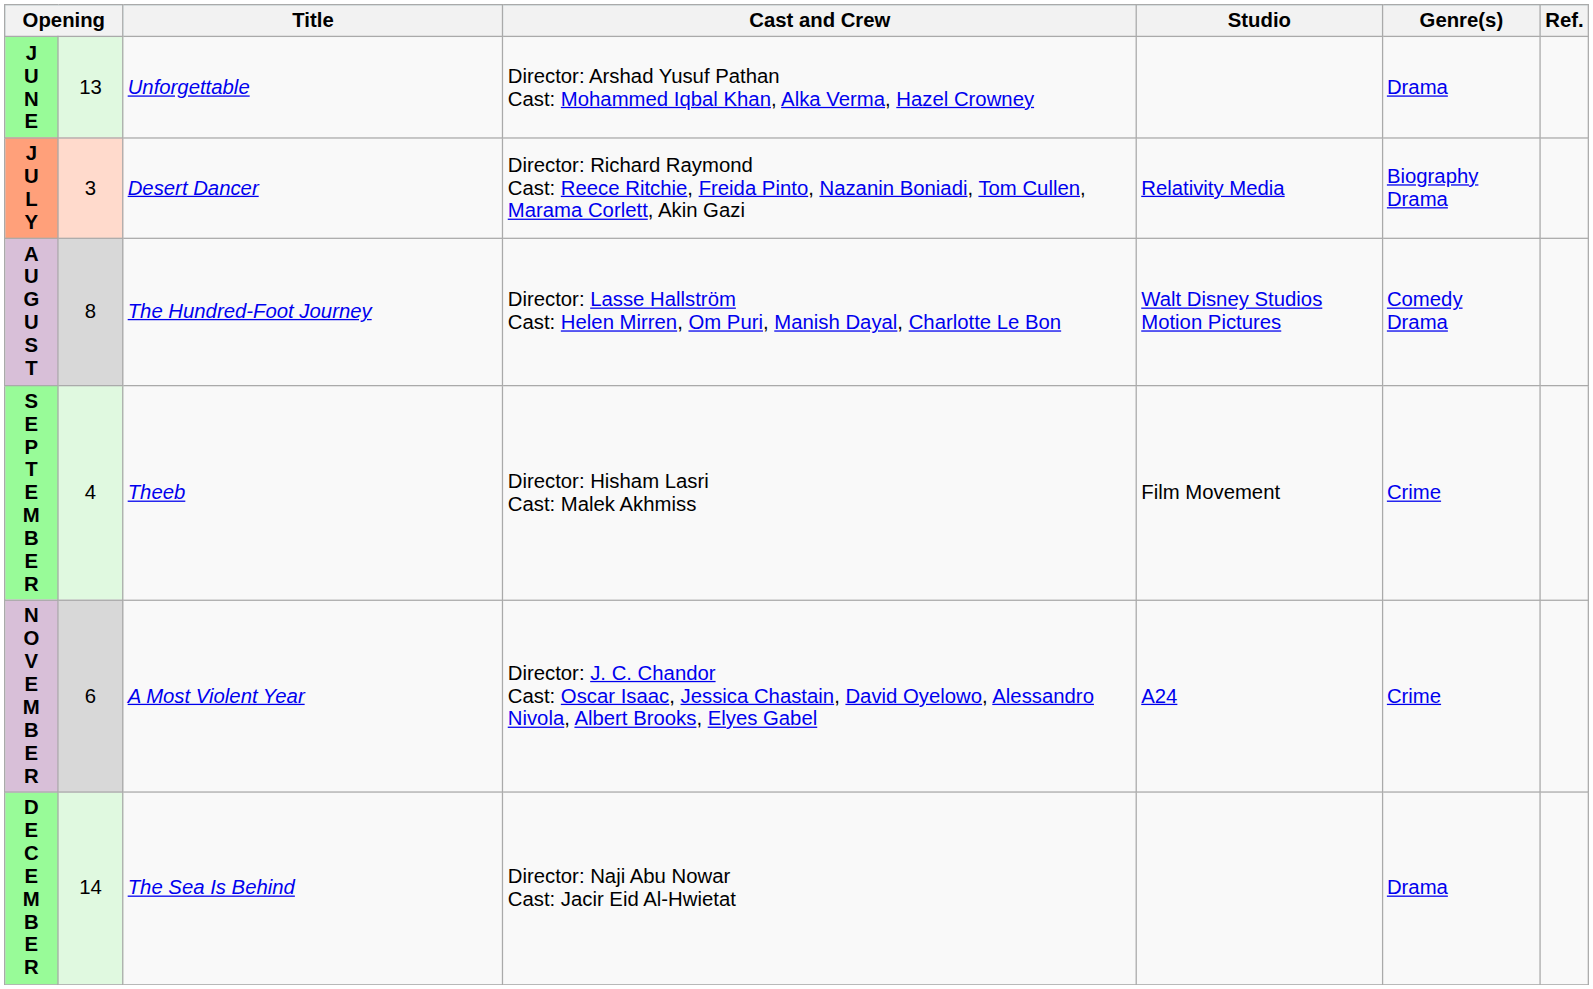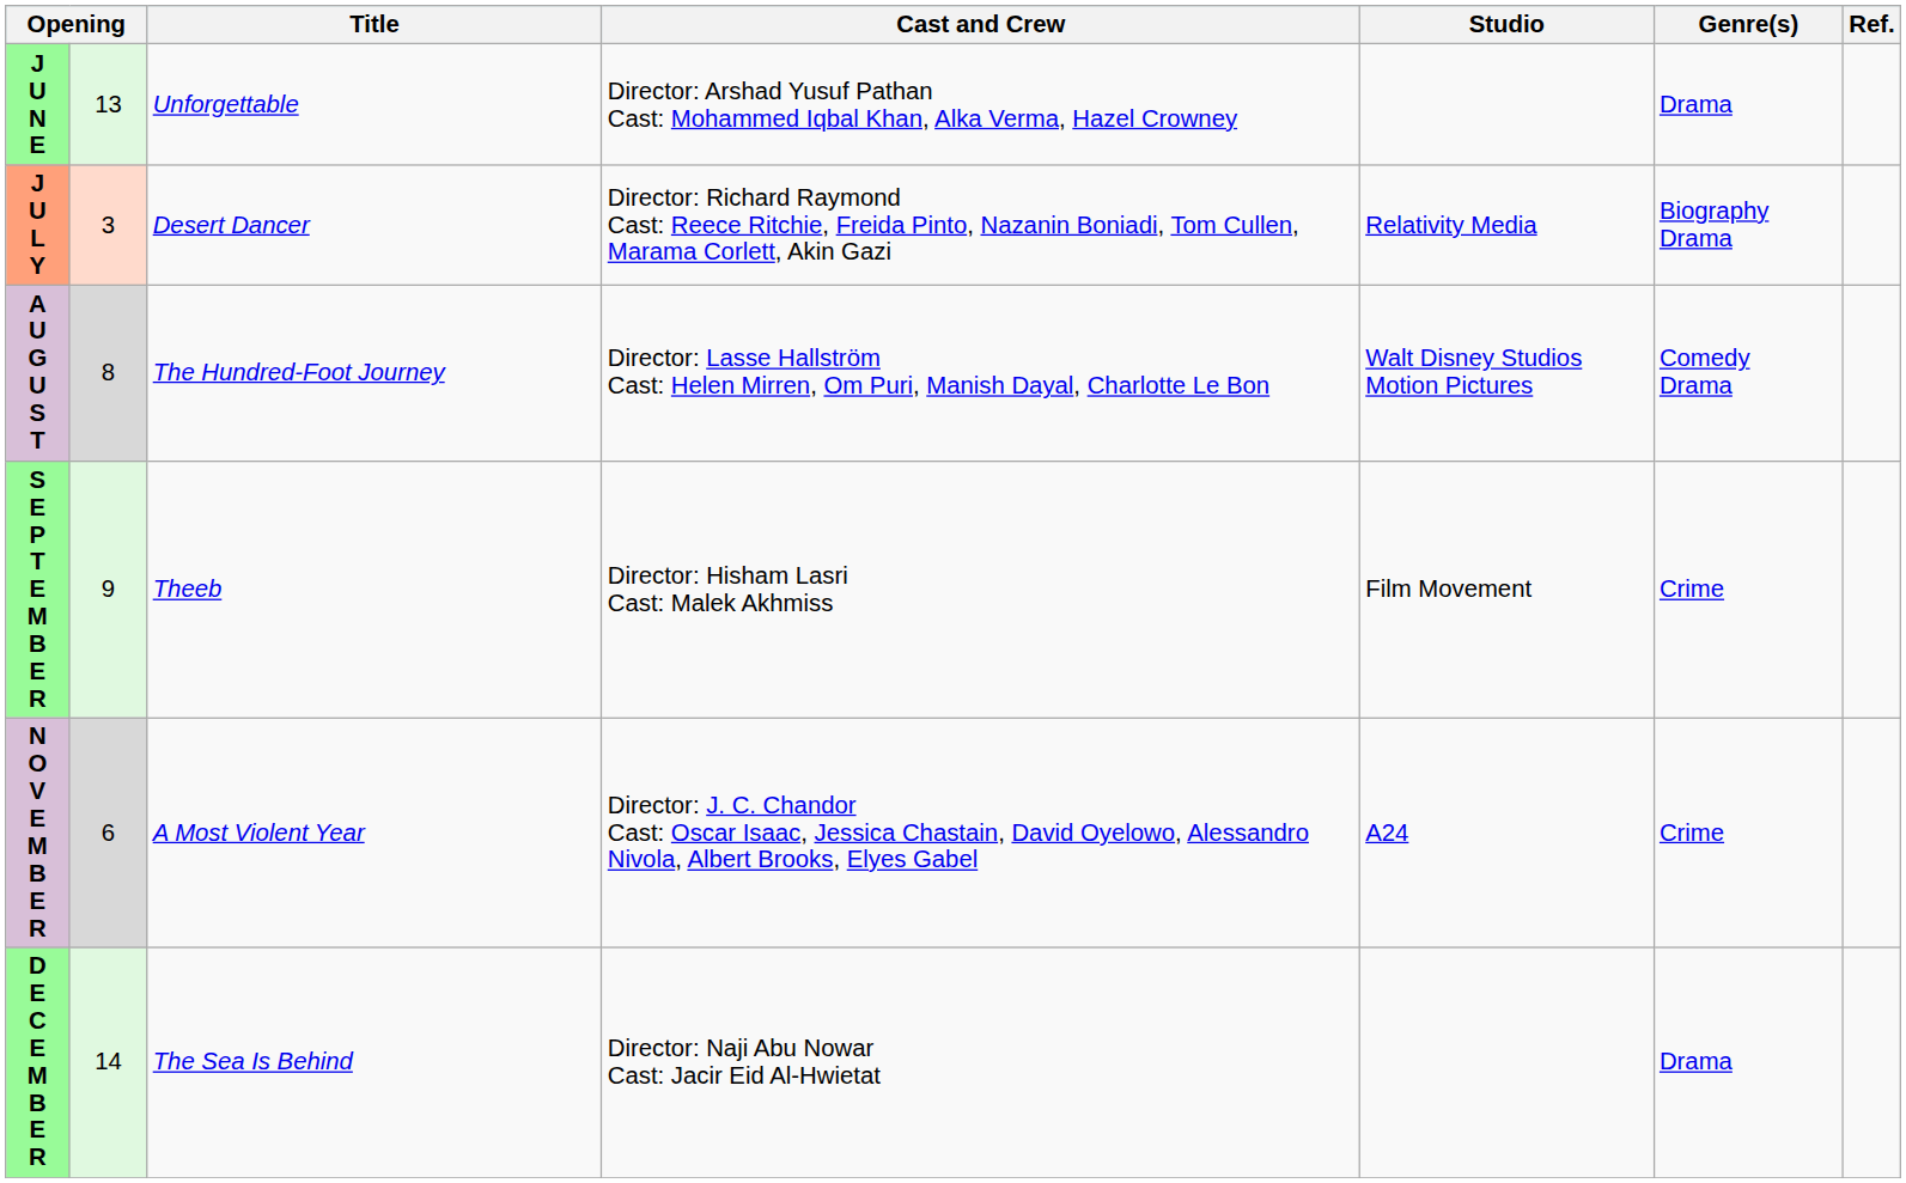 <table class="wikitable">
 <tr style="background:#b0e0e6; text-align:center;">
 <th colspan="2">Opening</th>
 <th style="width:24%;">Title</th>
 <th style="width:40%;">Cast and Crew</th>
 <th>Studio</th>
 <th style="width:10%;">Genre(s)</th>
 <th style="width:2%;">Ref.</th>
 </tr>
 <tr>
 <th rowspan="1" style="text-align:center; background:#98fb98; textcolor:#000;">J<br>U<br>N<br>E</th>
 <td rowspan="1" style="text-align:center; background:#e0f9e0;">13</td>
 <td><em><a href='#'>Unforgettable</a></em></td>
 <td>Director: Arshad Yusuf Pathan <br> Cast: <a href='#'>Mohammed Iqbal Khan</a>, <a href='#'>Alka Verma</a>, <a href='#'>Hazel Crowney</a></td>
 <td></td>
 <td><a href='#'>Drama</a></td>
 <td style="text-align:center"></td>
 </tr>
 <tr>
 <th rowspan="1" style="text-align:center; background:#ffa07a; textcolor:#000;">J<br>U<br>L<br>Y</th>
 <td rowspan="1" style="text-align:center; background:#ffdacc;">3</td>
 <td><em><a href='#'>Desert Dancer</a></em></td>
 <td>Director: Richard Raymond <br> Cast: <a href='#'>Reece Ritchie</a>, <a href='#'>Freida Pinto</a>, <a href='#'>Nazanin Boniadi</a>, <a href='#'>Tom Cullen</a>, <a href='#'>Marama Corlett</a>, Akin Gazi</td>
 <td><a href='#'>Relativity Media</a></td>
 <td><a href='#'>Biography</a> <br> <a href='#'>Drama</a></td>
 <td style="text-align:center"></td>
 </tr>
 <tr>
 <th rowspan="1" style="text-align:center; background:thistle; textcolor:#000;">A<br>U<br>G<br>U<br>S<br>T</th>
 <td rowspan="1" style="text-align:center; background:#d8d8d8;">8</td>
 <td><em><a href='#'>The Hundred-Foot Journey</a></em></td>
 <td>Director: <a href='#'>Lasse Hallström</a> <br> Cast: <a href='#'>Helen Mirren</a>, <a href='#'>Om Puri</a>, <a href='#'>Manish Dayal</a>, <a href='#'>Charlotte Le Bon</a></td>
 <td><a href='#'>Walt Disney Studios<br>Motion Pictures</a></td>
 <td><a href='#'>Comedy</a> <br> <a href='#'>Drama</a></td>
 <td style="text-align:center"></td>
 </tr>
 <tr>
 <th rowspan="1" style="text-align:center; background:#98fb98; textcolor:#000;">S<br>E<br>P<br>T<br>E<br>M<br>B<br>E<br>R</th>
-<td rowspan="1" style="text-align:center; background:#e0f9e0;">4</td>
+<td rowspan="1" style="text-align:center; background:#e0f9e0;">9</td>
 <td><em><a href='#'>Theeb</a></em></td>
 <td>Director: Hisham Lasri <br> Cast: Malek Akhmiss</td>
 <td>Film Movement</td>
 <td><a href='#'>Crime</a></td>
 <td style="text-align:center"></td>
 </tr>
 <tr>
 <th rowspan="1" style="text-align:center; background:thistle; textcolor:#000;">N<br>O<br>V<br>E<br>M<br>B<br>E<br>R</th>
 <td rowspan="1" style="text-align:center; background:#d8d8d8;">6</td>
 <td><em><a href='#'>A Most Violent Year</a></em></td>
 <td>Director: <a href='#'>J. C. Chandor</a> <br> Cast: <a href='#'>Oscar Isaac</a>, <a href='#'>Jessica Chastain</a>, <a href='#'>David Oyelowo</a>, <a href='#'>Alessandro Nivola</a>, <a href='#'>Albert Brooks</a>, <a href='#'>Elyes Gabel</a></td>
 <td><a href='#'>A24</a></td>
 <td><a href='#'>Crime</a></td>
 <td style="text-align:center"></td>
 </tr>
 <tr>
 <th rowspan="1" style="text-align:center; background:#98fb98; textcolor:#000;">D<br>E<br>C<br>E<br>M<br>B<br>E<br>R</th>
 <td rowspan="1" style="text-align:center; background:#e0f9e0;">14</td>
 <td><em><a href='#'>The Sea Is Behind</a></em></td>
 <td>Director: Naji Abu Nowar <br> Cast: Jacir Eid Al-Hwietat</td>
 <td></td>
 <td><a href='#'>Drama</a></td>
 <td style="text-align:center"></td>
 </tr>
 <tr>
 </tr>
 </table>
